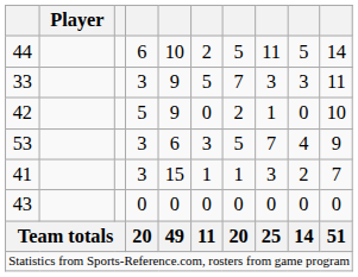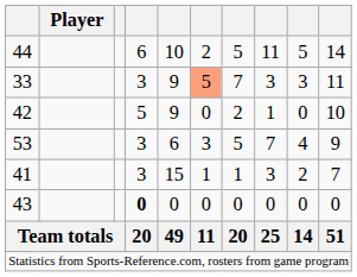 <table class="wikitable sortable" style="text-align:center; font-size:100%">
 <tr>
 <th></th>
 <th>Player</th>
 <th></th>
 <th></th>
 <th></th>
 <th></th>
 <th></th>
 <th></th>
 <th></th>
 <th></th>
 </tr>
 <tr>
 <td>44</td>
 <td></td>
 <td></td>
 <td>6</td>
 <td>10</td>
 <td>2</td>
 <td>5</td>
 <td>11</td>
 <td>5</td>
 <td>14</td>
 </tr>
 <tr>
 <td>33</td>
 <td></td>
 <td></td>
 <td>3</td>
 <td>9</td>
-<td>5</td>
+<td style="background: lightsalmon;">5</td>
 <td>7</td>
 <td>3</td>
 <td>3</td>
 <td>11</td>
 </tr>
 <tr>
 <td>42</td>
 <td></td>
 <td></td>
 <td>5</td>
 <td>9</td>
 <td>0</td>
 <td>2</td>
 <td>1</td>
 <td>0</td>
 <td>10</td>
 </tr>
 <tr>
 <td>53</td>
 <td></td>
 <td></td>
 <td>3</td>
 <td>6</td>
 <td>3</td>
 <td>5</td>
 <td>7</td>
 <td>4</td>
 <td>9</td>
 </tr>
 <tr>
 <td>41</td>
 <td></td>
 <td></td>
 <td>3</td>
 <td>15</td>
 <td>1</td>
 <td>1</td>
 <td>3</td>
 <td>2</td>
 <td>7</td>
 </tr>
 <tr>
 <td>43</td>
 <td></td>
 <td></td>
-<td>0</td>
+<td><strong>0</strong></td>
 <td>0</td>
 <td>0</td>
 <td>0</td>
 <td>0</td>
 <td>0</td>
 <td>0</td>
 </tr>
 <tr class="sortbottom">
 <th style="text-align:center;" colspan="3">Team totals</th>
 <th>20</th>
 <th>49</th>
 <th>11</th>
 <th>20</th>
 <th>25</th>
 <th>14</th>
 <th>51</th>
 </tr>
 <tr class="sortbottom">
 <td colspan="18" style="font-size: 8pt" align="center">Statistics from Sports-Reference.com, rosters from game program</td>
 </tr>
 </table>
